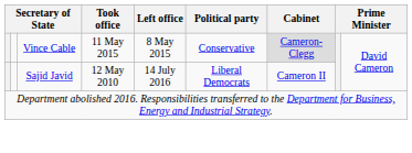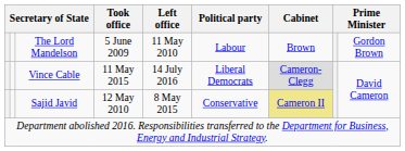 <table class="wikitable" style="text-align:center">
 <tr>
 <th colspan=3>Secretary of State</th>
 <th>Took office</th>
 <th>Left office</th>
 <th>Political party</th>
 <th>Cabinet</th>
 <th colspan="2">Prime Minister</th>
 </tr>
 <tr>
 <th style="background-color:"></th>
 <td></td>
+<td><a href='#'>The Lord Mandelson</a></td>
+<td>5 June 2009</td>
+<td>11 May 2010</td>
+<td><a href='#'>Labour</a></td>
+<td><a href='#'>Brown</a></td>
+<th style="background-color:"></th>
+<td><a href='#'>Gordon Brown</a></td>
+</tr>
+<tr>
+<th style="background-color:"></th>
+<td></td>
 <td><a href='#'>Vince Cable</a><br></td>
 <td>11 May 2015</td>
-<td>8 May 2015</td>
-<td><a href='#'>Conservative</a></td>
+<td>14 July 2016</td>
+<td><a href='#'>Liberal Democrats</a></td>
 <td style="background-color:#dddddd"><a href='#'>Cameron-Clegg</a></td>
 <th rowspan="2" style="background-color:"></th>
 <td rowspan="2"><a href='#'>David Cameron</a></td>
 </tr>
 <tr>
 <th style="background-color:"></th>
 <td></td>
 <td><a href='#'>Sajid Javid</a><br></td>
 <td>12 May 2010</td>
-<td>14 July 2016</td>
-<td><a href='#'>Liberal Democrats</a></td>
-<td><a href='#'>Cameron II</a></td>
+<td>8 May 2015</td>
+<td><a href='#'>Conservative</a></td>
+<td style="background: khaki;"><a href='#'>Cameron II</a></td>
 </tr>
 <tr>
 <td colspan="9"><em>Department abolished 2016. Responsibilities transferred to the <a href='#'>Department for Business, Energy and Industrial Strategy</a>.</em></td>
 </tr>
 </table>
